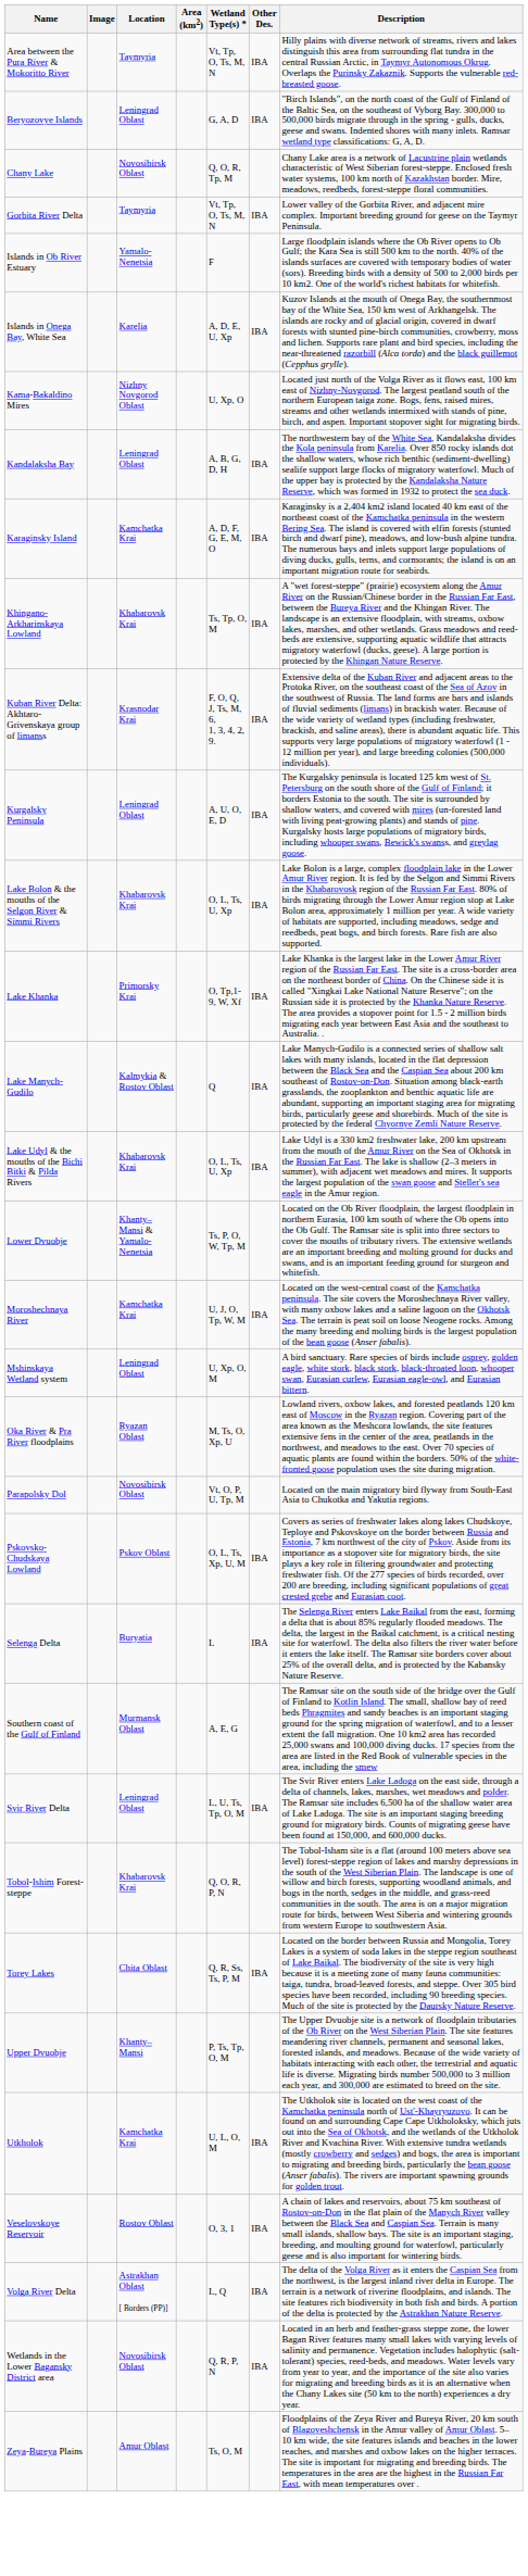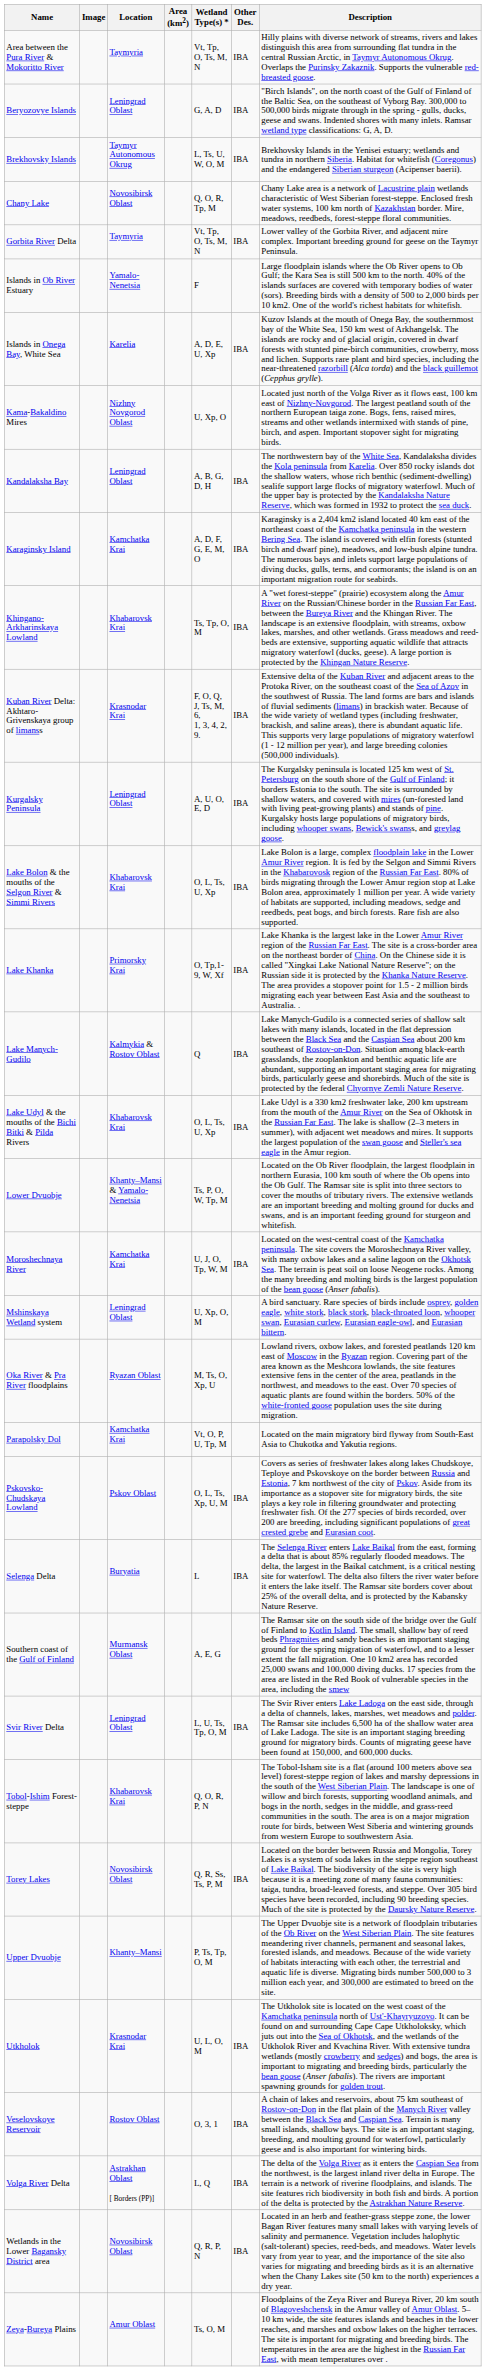 <table class="wikitable sortable">
 <tr>
 <th style="background-color:">Name</th>
 <th style="background-color:">Image</th>
 <th style="background-color:">Location</th>
 <th style="background-color:">Area (km<sup>2</sup>)</th>
 <th style="background-color:">Wetland Type(s) *</th>
 <th style="background-color:">Other Des.</th>
 <th style="background-color:">Description</th>
 </tr>
 <tr>
 <td>Area between the <a href='#'>Pura River</a> & <a href='#'>Mokoritto River</a></td>
 <td></td>
 <td><a href='#'>Taymyria</a><br><small><br></small></td>
 <td></td>
 <td>Vt, Tp, O, Ts, M, N<br><small></small></td>
 <td>IBA</td>
 <td>Hilly plains with diverse network of streams, rivers and lakes distinguish this area from surrounding flat tundra in the central Russian Arctic, in <a href='#'>Taymyr Autonomous Okrug</a>. Overlaps the <a href='#'>Purinsky Zakaznik</a>. Supports the vulnerable <a href='#'>red-breasted goose</a>. </td>
 </tr>
 <tr>
 <td><a href='#'>Beryozovye Islands</a></td>
 <td></td>
 <td><a href='#'>Leningrad Oblast</a><br><small><br></small></td>
 <td></td>
 <td>G, A, D<br><small></small></td>
 <td>IBA</td>
 <td>"Birch Islands", on the north coast of the Gulf of Finland of the Baltic Sea, on the southeast of Vyborg Bay. 300,000 to 500,000 birds migrate through in the spring - gulls, ducks, geese and swans. Indented shores with many inlets. Ramsar <a href='#'>wetland type</a> classifications: G, A, D.</td>
+</tr>
+<tr>
+<td><a href='#'>Brekhovsky Islands</a></td>
+<td></td>
+<td><a href='#'>Taymyr Autonomous Okrug</a><br><small><br></small></td>
+<td></td>
+<td>L, Ts, U, W, O, M<br><small></small></td>
+<td>IBA</td>
+<td>Brekhovsky Islands in the Yenisei estuary; wetlands and tundra in northern <a href='#'>Siberia</a>. Habitat for whitefish (<a href='#'>Coregonus</a>) and the endangered <a href='#'>Siberian sturgeon</a> (Acipenser baerii).</td>
 </tr>
 <tr>
 <td><a href='#'>Chany Lake</a></td>
 <td></td>
 <td><a href='#'>Novosibirsk Oblast</a><br><small><br></small></td>
 <td></td>
 <td>Q, O, R, Tp, M<br><small></small></td>
 <td></td>
 <td>Chany Lake area is a network of <a href='#'>Lacustrine plain</a> wetlands characteristic of West Siberian forest-steppe. Enclosed fresh water systems, 100 km north of <a href='#'>Kazakhstan</a> border. Mire, meadows, reedbeds, forest-steppe floral communities.</td>
 </tr>
 <tr>
 <td><a href='#'>Gorbita River</a> Delta</td>
 <td></td>
 <td><a href='#'>Taymyria</a><br><small><br></small></td>
 <td></td>
 <td>Vt, Tp, O, Ts, M, N<br><small></small></td>
 <td>IBA</td>
 <td>Lower valley of the Gorbita River, and adjacent mire complex. Important breeding ground for geese on the Taymyr Peninsula.</td>
 </tr>
 <tr>
 <td>Islands in <a href='#'>Ob River</a> Estuary</td>
 <td></td>
 <td><a href='#'>Yamalo-Nenetsia</a><br><small><br></small></td>
 <td></td>
 <td>F<br><small></small></td>
 <td></td>
 <td>Large floodplain islands where the Ob River opens to Ob Gulf; the Kara Sea is still 500 km to the north. 40% of the islands surfaces are covered with temporary bodies of water (sors). Breeding birds with a density of 500 to 2,000 birds per 10 km2. One of the world's richest habitats for whitefish.</td>
 </tr>
 <tr>
 <td>Islands in <a href='#'>Onega Bay</a>, White Sea</td>
 <td></td>
 <td><a href='#'>Karelia</a><br><small><br></small></td>
 <td></td>
 <td>A, D, E, U, Xp<br><small></small></td>
 <td>IBA</td>
 <td>Kuzov Islands at the mouth of Onega Bay, the southernmost bay of the White Sea, 150 km west of Arkhangelsk. The islands are rocky and of glacial origin, covered in dwarf forests with stunted pine-birch communities, crowberry, moss and lichen. Supports rare plant and bird species, including the near-threatened <a href='#'>razorbill</a> (<em>Alca torda</em>) and the <a href='#'>black guillemot</a> (<em>Cepphus grylle</em>).</td>
 </tr>
 <tr>
 <td><a href='#'>Kama</a>-<a href='#'>Bakaldino</a> Mires</td>
 <td></td>
 <td><a href='#'>Nizhny Novgorod Oblast</a><br><small><br></small></td>
 <td></td>
 <td>U, Xp, O<br><small></small></td>
 <td></td>
 <td>Located just north of the Volga River as it flows east, 100 km east of <a href='#'>Nizhny-Novgorod</a>. The largest peatland south of the northern European taiga zone. Bogs, fens, raised mires, streams and other wetlands intermixed with stands of pine, birch, and aspen. Important stopover sight for migrating birds.</td>
 </tr>
 <tr>
 <td><a href='#'>Kandalaksha Bay</a></td>
 <td></td>
 <td><a href='#'>Leningrad Oblast</a><br><small><br></small></td>
 <td></td>
 <td>A, B, G, D, H<br><small></small></td>
 <td>IBA</td>
 <td>The northwestern bay of the <a href='#'>White Sea</a>, Kandalaksha divides the <a href='#'>Kola peninsula</a> from <a href='#'>Karelia</a>. Over 850 rocky islands dot the shallow waters, whose rich benthic (sediment-dwelling) sealife support large flocks of migratory waterfowl. Much of the upper bay is protected by the <a href='#'>Kandalaksha Nature Reserve</a>, which was formed in 1932 to protect the <a href='#'>sea duck</a>.</td>
 </tr>
 <tr>
 <td><a href='#'>Karaginsky Island</a></td>
 <td></td>
 <td><a href='#'>Kamchatka Krai</a><br><small><br></small></td>
 <td></td>
 <td>A, D, F, G, E, M, O<br><small></small></td>
 <td>IBA</td>
 <td>Karaginsky is a 2,404 km2 island located 40 km east of the northeast coast of the <a href='#'>Kamchatka peninsula</a> in the western <a href='#'>Bering Sea</a>. The island is covered with elfin forests (stunted birch and dwarf pine), meadows, and low-bush alpine tundra. The numerous bays and inlets support large populations of diving ducks, gulls, terns, and cormorants; the island is on an important migration route for seabirds.</td>
 </tr>
 <tr>
 <td><a href='#'>Khingano-Arkharinskaya Lowland</a></td>
 <td></td>
 <td><a href='#'>Khabarovsk Krai</a><br><small><br></small></td>
 <td></td>
 <td>Ts, Tp, O, M<br><small></small></td>
 <td>IBA</td>
 <td>A "wet forest-steppe" (prairie) ecosystem along the <a href='#'>Amur River</a> on the Russian/Chinese border in the <a href='#'>Russian Far East</a>, between the <a href='#'>Bureya River</a> and the Khingan River. The landscape is an extensive floodplain, with streams, oxbow lakes, marshes, and other wetlands. Grass meadows and reed-beds are extensive, supporting aquatic wildlife that attracts migratory waterfowl (ducks, geese). A large portion is protected by the <a href='#'>Khingan Nature Reserve</a>.</td>
 </tr>
 <tr>
 <td><a href='#'>Kuban River</a> Delta: Akhtaro-Grivenskaya group of <a href='#'>limans</a>s</td>
 <td></td>
 <td><a href='#'>Krasnodar Krai</a><br><small><br></small></td>
 <td></td>
 <td>F, O, Q, J, Ts, M, 6,<br>1, 3, 4, 2, 9.<br><small></small></td>
 <td>IBA</td>
 <td>Extensive delta of the <a href='#'>Kuban River</a> and adjacent areas to the Protoka River, on the southeast coast of the <a href='#'>Sea of Azov</a> in the southwest of Russia. The land forms are bars and islands of fluvial sediments (<a href='#'>limans</a>) in brackish water. Because of the wide variety of wetland types (including freshwater, brackish, and saline areas), there is abundant aquatic life. This supports very large populations of migratory waterfowl (1 - 12 million per year), and large breeding colonies (500,000 individuals).</td>
 </tr>
 <tr>
 <td><a href='#'>Kurgalsky Peninsula</a></td>
 <td></td>
 <td><a href='#'>Leningrad Oblast</a><br><small><br></small></td>
 <td></td>
 <td>A, U, O, E, D<br><small></small></td>
 <td>IBA</td>
 <td>The Kurgalsky peninsula is located 125 km west of <a href='#'>St. Petersburg</a> on the south shore of the <a href='#'>Gulf of Finland</a>; it borders Estonia to the south. The site is surrounded by shallow waters, and covered with <a href='#'>mires</a> (un-forested land with living peat-growing plants) and stands of <a href='#'>pine</a>. Kurgalsky hosts large populations of migratory birds, including <a href='#'>whooper swans</a>, <a href='#'>Bewick's swans</a>s, and <a href='#'>greylag goose</a>.</td>
 </tr>
 <tr>
 <td><a href='#'>Lake Bolon</a> & the mouths of the <a href='#'>Selgon River</a> & <a href='#'>Simmi Rivers</a></td>
 <td></td>
 <td><a href='#'>Khabarovsk Krai</a><br><small><br></small></td>
 <td></td>
 <td>O, L, Ts, U, Xp<br><small></small></td>
 <td>IBA</td>
 <td>Lake Bolon is a large, complex <a href='#'>floodplain lake</a> in the Lower <a href='#'>Amur River</a> region. It is fed by the Selgon and Simmi Rivers in the <a href='#'>Khabarovosk</a> region of the <a href='#'>Russian Far East</a>. 80% of birds migrating through the Lower Amur region stop at Lake Bolon area, approximately 1 million per year. A wide variety of habitats are supported, including meadows, sedge and reedbeds, peat bogs, and birch forests. Rare fish are also supported.</td>
 </tr>
 <tr>
 <td><a href='#'>Lake Khanka</a></td>
 <td></td>
 <td><a href='#'>Primorsky Krai</a><br><small><br></small></td>
 <td></td>
 <td>O, Tp,1-9, W, Xf<br><small></small></td>
 <td>IBA</td>
 <td>Lake Khanka is the largest lake in the Lower <a href='#'>Amur River</a> region of the <a href='#'>Russian Far East</a>. The site is a cross-border area on the northeast border of <a href='#'>China</a>. On the Chinese side it is called "Xingkai Lake National Nature Reserve"; on the Russian side it is protected by the <a href='#'>Khanka Nature Reserve</a>. The area provides a stopover point for 1.5 - 2 million birds migrating each year between East Asia and the southeast to Australia. .</td>
 </tr>
 <tr>
 <td><a href='#'>Lake Manych-Gudilo</a></td>
 <td></td>
 <td><a href='#'>Kalmykia</a> & <a href='#'>Rostov Oblast</a><br><small><br></small></td>
 <td></td>
 <td>Q<br><small></small></td>
 <td>IBA</td>
 <td>Lake Manych-Gudilo is a connected series of shallow salt lakes with many islands, located in the flat depression between the <a href='#'>Black Sea</a> and the <a href='#'>Caspian Sea</a> about 200 km southeast of <a href='#'>Rostov-on-Don</a>. Situation among black-earth grasslands, the zooplankton and benthic aquatic life are abundant, supporting an important staging area for migrating birds, particularly geese and shorebirds. Much of the site is protected by the federal <a href='#'>Chyornye Zemli Nature Reserve</a>.</td>
 </tr>
 <tr>
 <td><a href='#'>Lake Udyl</a> & the mouths of the <a href='#'>Bichi</a> <a href='#'>Bitki</a> & <a href='#'>Pilda</a> Rivers</td>
 <td></td>
 <td><a href='#'>Khabarovsk Krai</a><br><small><br></small></td>
 <td></td>
 <td>O, L, Ts, U, Xp<br><small></small></td>
 <td>IBA</td>
 <td>Lake Udyl is a 330 km2 freshwater lake, 200 km upstream from the mouth of the <a href='#'>Amur River</a> on the Sea of Okhotsk in the <a href='#'>Russian Far East</a>. The lake is shallow (2–3 meters in summer), with adjacent wet meadows and mires. It supports the largest population of the <a href='#'>swan goose</a> and <a href='#'>Steller's sea eagle</a> in the Amur region.</td>
 </tr>
 <tr>
 <td><a href='#'>Lower Dvuobje</a></td>
 <td></td>
 <td><a href='#'>Khanty–Mansi</a> & <a href='#'>Yamalo-Nenetsia</a><br><small><br></small></td>
 <td></td>
 <td>Ts, P, O, W, Tp, M<br><small></small></td>
 <td></td>
 <td>Located on the Ob River floodplain, the largest floodplain in northern Eurasia, 100 km south of where the Ob opens into the Ob Gulf. The Ramsar site is split into three sectors to cover the mouths of tributary rivers. The extensive wetlands are an important breeding and molting ground for ducks and swans, and is an important feeding ground for sturgeon and whitefish.</td>
 </tr>
 <tr>
 <td><a href='#'>Moroshechnaya River</a></td>
 <td></td>
 <td><a href='#'>Kamchatka Krai</a><br><small><br></small></td>
 <td></td>
 <td>U, J, O, Tp, W, M<br><small></small></td>
 <td>IBA</td>
 <td>Located on the west-central coast of the <a href='#'>Kamchatka peninsula</a>. The site covers the Moroshechnaya River valley, with many oxbow lakes and a saline lagoon on the <a href='#'>Okhotsk Sea</a>. The terrain is peat soil on loose Neogene rocks. Among the many breeding and molting birds is the largest population of the <a href='#'>bean goose</a> (<em>Anser fabalis</em>).</td>
 </tr>
 <tr>
 <td><a href='#'>Mshinskaya Wetland</a> system</td>
 <td></td>
 <td><a href='#'>Leningrad Oblast</a><br><small><br></small></td>
 <td></td>
 <td>U, Xp, O, M<br><small></small></td>
 <td></td>
 <td>A bird sanctuary. Rare species of birds include <a href='#'>osprey</a>, <a href='#'>golden eagle</a>, <a href='#'>white stork</a>, <a href='#'>black stork</a>, <a href='#'>black-throated loon</a>, <a href='#'>whooper swan</a>, <a href='#'>Eurasian curlew</a>, <a href='#'>Eurasian eagle-owl</a>, and <a href='#'>Eurasian bittern</a>.</td>
 </tr>
 <tr>
 <td><a href='#'>Oka River</a> & <a href='#'>Pra River</a> floodplains</td>
 <td></td>
 <td><a href='#'>Ryazan Oblast</a><br><small><br></small></td>
 <td></td>
 <td>M, Ts, O, Xp, U<br><small></small></td>
 <td></td>
 <td>Lowland rivers, oxbow lakes, and forested peatlands 120 km east of <a href='#'>Moscow</a> in the <a href='#'>Ryazan</a> region. Covering part of the area known as the Meshcora lowlands, the site features extensive fens in the center of the area, peatlands in the northwest, and meadows to the east. Over 70 species of aquatic plants are found within the borders. 50% of the <a href='#'>white-fronted goose</a> population uses the site during migration.</td>
 </tr>
 <tr>
 <td><a href='#'>Parapolsky Dol</a></td>
 <td></td>
-<td><a href='#'>Novosibirsk Oblast</a><br><small><br></small></td>
+<td><a href='#'>Kamchatka Krai</a><br><small><br></small></td>
 <td></td>
 <td>Vt, O, P, U, Tp, M<br><small></small></td>
 <td></td>
 <td>Located on the main migratory bird flyway from South-East Asia to Chukotka and Yakutia regions.</td>
 </tr>
 <tr>
 <td><a href='#'>Pskovsko-Chudskaya Lowland</a></td>
 <td></td>
 <td><a href='#'>Pskov Oblast</a><br><small><br></small></td>
 <td></td>
 <td>O, L, Ts, Xp, U, M<br><small></small></td>
 <td>IBA</td>
 <td>Covers as series of freshwater lakes along lakes Chudskoye, Teploye and Pskovskoye on the border between <a href='#'>Russia</a> and <a href='#'>Estonia</a>, 7 km northwest of the city of <a href='#'>Pskov</a>. Aside from its importance as a stopover site for migratory birds, the site plays a key role in filtering groundwater and protecting freshwater fish. Of the 277 species of birds recorded, over 200 are breeding, including significant populations of <a href='#'>great crested grebe</a> and <a href='#'>Eurasian coot</a>.</td>
 </tr>
 <tr>
 <td><a href='#'>Selenga</a> Delta</td>
 <td></td>
 <td><a href='#'>Buryatia</a><br><small><br></small></td>
 <td></td>
 <td>L<br><small></small></td>
 <td>IBA</td>
 <td>The <a href='#'>Selenga River</a> enters <a href='#'>Lake Baikal</a> from the east, forming a delta that is about 85% regularly flooded meadows. The delta, the largest in the Baikal catchment, is a critical nesting site for waterfowl. The delta also filters the river water before it enters the lake itself. The Ramsar site borders cover about 25% of the overall delta, and is protected by the Kabansky Nature Reserve.</td>
 </tr>
 <tr>
 <td>Southern coast of the <a href='#'>Gulf of Finland</a></td>
 <td></td>
 <td><a href='#'>Murmansk Oblast</a><br><small><br></small></td>
 <td></td>
 <td>A, E, G<br><small></small></td>
 <td></td>
 <td>The Ramsar site on the south side of the bridge over the Gulf of Finland to <a href='#'>Kotlin Island</a>. The small, shallow bay of reed beds <a href='#'>Phragmites</a> and sandy beaches is an important staging ground for the spring migration of waterfowl, and to a lesser extent the fall migration. One 10 km2 area has recorded 25,000 swans and 100,000 diving ducks. 17 species from the area are listed in the Red Book of vulnerable species in the area, including the <a href='#'>smew</a></td>
 </tr>
 <tr>
 <td><a href='#'>Svir River</a> Delta</td>
 <td></td>
 <td><a href='#'>Leningrad Oblast</a><br><small><br></small></td>
 <td></td>
 <td>L, U, Ts, Tp, O, M<br><small></small></td>
 <td>IBA</td>
 <td>The Svir River enters <a href='#'>Lake Ladoga</a> on the east side, through a delta of channels, lakes, marshes, wet meadows and <a href='#'>polder</a>. The Ramsar site includes 6,500 ha of the shallow water area of Lake Ladoga. The site is an important staging breeding ground for migratory birds. Counts of migrating geese have been found at 150,000, and 600,000 ducks.</td>
 </tr>
 <tr>
 <td><a href='#'>Tobol</a>-<a href='#'>Ishim</a> Forest-steppe</td>
 <td></td>
 <td><a href='#'>Khabarovsk Krai</a><br><small><br></small></td>
 <td></td>
 <td>Q, O, R, P, N<br><small></small></td>
 <td></td>
 <td>The Tobol-Isham site is a flat (around 100 meters above sea level) forest-steppe region of lakes and marshy depressions in the south of the <a href='#'>West Siberian Plain</a>. The landscape is one of willow and birch forests, supporting woodland animals, and bogs in the north, sedges in the middle, and grass-reed communities in the south. The area is on a major migration route for birds, between West Siberia and wintering grounds from western Europe to southwestern Asia.</td>
 </tr>
 <tr>
 <td><a href='#'>Torey Lakes</a></td>
 <td></td>
-<td><a href='#'>Chita Oblast</a><br><small><br></small></td>
+<td><a href='#'>Novosibirsk Oblast</a><br><small><br></small></td>
 <td></td>
 <td>Q, R, Ss, Ts, P, M<br><small></small></td>
 <td>IBA</td>
 <td>Located on the border between Russia and Mongolia, Torey Lakes is a system of soda lakes in the steppe region southeast of <a href='#'>Lake Baikal</a>. The biodiversity of the site is very high because it is a meeting zone of many fauna communities: taiga, tundra, broad-leaved forests, and steppe. Over 305 bird species have been recorded, including 90 breeding species. Much of the site is protected by the <a href='#'>Daursky Nature Reserve</a>.</td>
 </tr>
 <tr>
 <td><a href='#'>Upper Dvuobje</a></td>
 <td></td>
 <td><a href='#'>Khanty–Mansi</a><br><small><br></small></td>
 <td></td>
 <td>P, Ts, Tp, O, M<br><small></small></td>
 <td></td>
 <td>The Upper Dvuobje site is a network of floodplain tributaries of the <a href='#'>Ob River</a> on the <a href='#'>West Siberian Plain</a>. The site features meandering river channels, permanent and seasonal lakes, forested islands, and meadows. Because of the wide variety of habitats interacting with each other, the terrestrial and aquatic life is diverse. Migrating birds number 500,000 to 3 million each year, and 300,000 are estimated to breed on the site.</td>
 </tr>
 <tr>
 <td><a href='#'>Utkholok</a></td>
 <td></td>
-<td><a href='#'>Kamchatka Krai</a><br><small><br></small></td>
+<td><a href='#'>Krasnodar Krai</a><br><small><br></small></td>
 <td></td>
 <td>U, L, O, M<br><small></small></td>
 <td>IBA</td>
 <td>The Utkholok site is located on the west coast of the <a href='#'>Kamchatka peninsula</a> north of <a href='#'>Ust'-Khayryuzovo</a>. It can be found on and surrounding Cape Cape Utkholoksky, which juts out into the <a href='#'>Sea of Okhotsk</a>, and the wetlands of the Utkholok River and Kvachina River. With extensive tundra wetlands (mostly <a href='#'>crowberry</a> and <a href='#'>sedges</a>) and bogs, the area is important to migrating and breeding birds, particularly the <a href='#'>bean goose</a> (<em>Anser fabalis</em>). The rivers are important spawning grounds for <a href='#'>golden trout</a>.</td>
 </tr>
 <tr>
 <td><a href='#'>Veselovskoye Reservoir</a></td>
 <td></td>
 <td><a href='#'>Rostov Oblast</a><br><small><br></small></td>
 <td></td>
 <td>O, 3, 1<br><small></small></td>
 <td>IBA</td>
 <td>A chain of lakes and reservoirs, about 75 km southeast of <a href='#'>Rostov-on-Don</a> in the flat plain of the <a href='#'>Manych River</a> valley between the <a href='#'>Black Sea</a> and <a href='#'>Caspian Sea</a>. Terrain is many small islands, shallow bays. The site is an important staging, breeding, and moulting ground for waterfowl, particularly geese and is also important for wintering birds.</td>
 </tr>
 <tr>
 <td><a href='#'>Volga River</a> Delta</td>
 <td></td>
 <td><a href='#'>Astrakhan Oblast</a><br><small><br>[ Borders (PP)]</small></td>
 <td></td>
 <td>L, Q<br><small></small></td>
 <td>IBA</td>
 <td>The delta of the <a href='#'>Volga River</a> as it enters the <a href='#'>Caspian Sea</a> from the northwest, is the largest inland river delta in Europe. The terrain is a network of riverine floodplains, and islands. The site features rich biodiversity in both fish and birds. A portion of the delta is protected by the <a href='#'>Astrakhan Nature Reserve</a>.</td>
 </tr>
 <tr>
 <td>Wetlands in the Lower <a href='#'>Bagansky District</a> area</td>
 <td></td>
 <td><a href='#'>Novosibirsk Oblast</a><br><small><br></small></td>
 <td></td>
 <td>Q, R, P, N<br><small></small></td>
 <td>IBA</td>
 <td>Located in an herb and feather-grass steppe zone, the lower Bagan River features many small lakes with varying levels of salinity and permanence. Vegetation includes halophytic (salt-tolerant) species, reed-beds, and meadows. Water levels vary from year to year, and the importance of the site also varies for migrating and breeding birds as it is an alternative when the Chany Lakes site (50 km to the north) experiences a dry year.</td>
 </tr>
 <tr>
 <td><a href='#'>Zeya</a>-<a href='#'>Bureya</a> Plains</td>
 <td></td>
 <td><a href='#'>Amur Oblast</a><br><small><br></small></td>
 <td></td>
 <td>Ts, O, M<br><small></small></td>
 <td></td>
 <td>Floodplains of the Zeya River and Bureya River, 20 km south of <a href='#'>Blagoveshchensk</a> in the Amur valley of <a href='#'>Amur Oblast</a>. 5–10 km wide, the site features islands and beaches in the lower reaches, and marshes and oxbow lakes on the higher terraces. The site is important for migrating and breeding birds. The temperatures in the area are the highest in the <a href='#'>Russian Far East</a>, with mean temperatures over .</td>
 </tr>
 </table>
